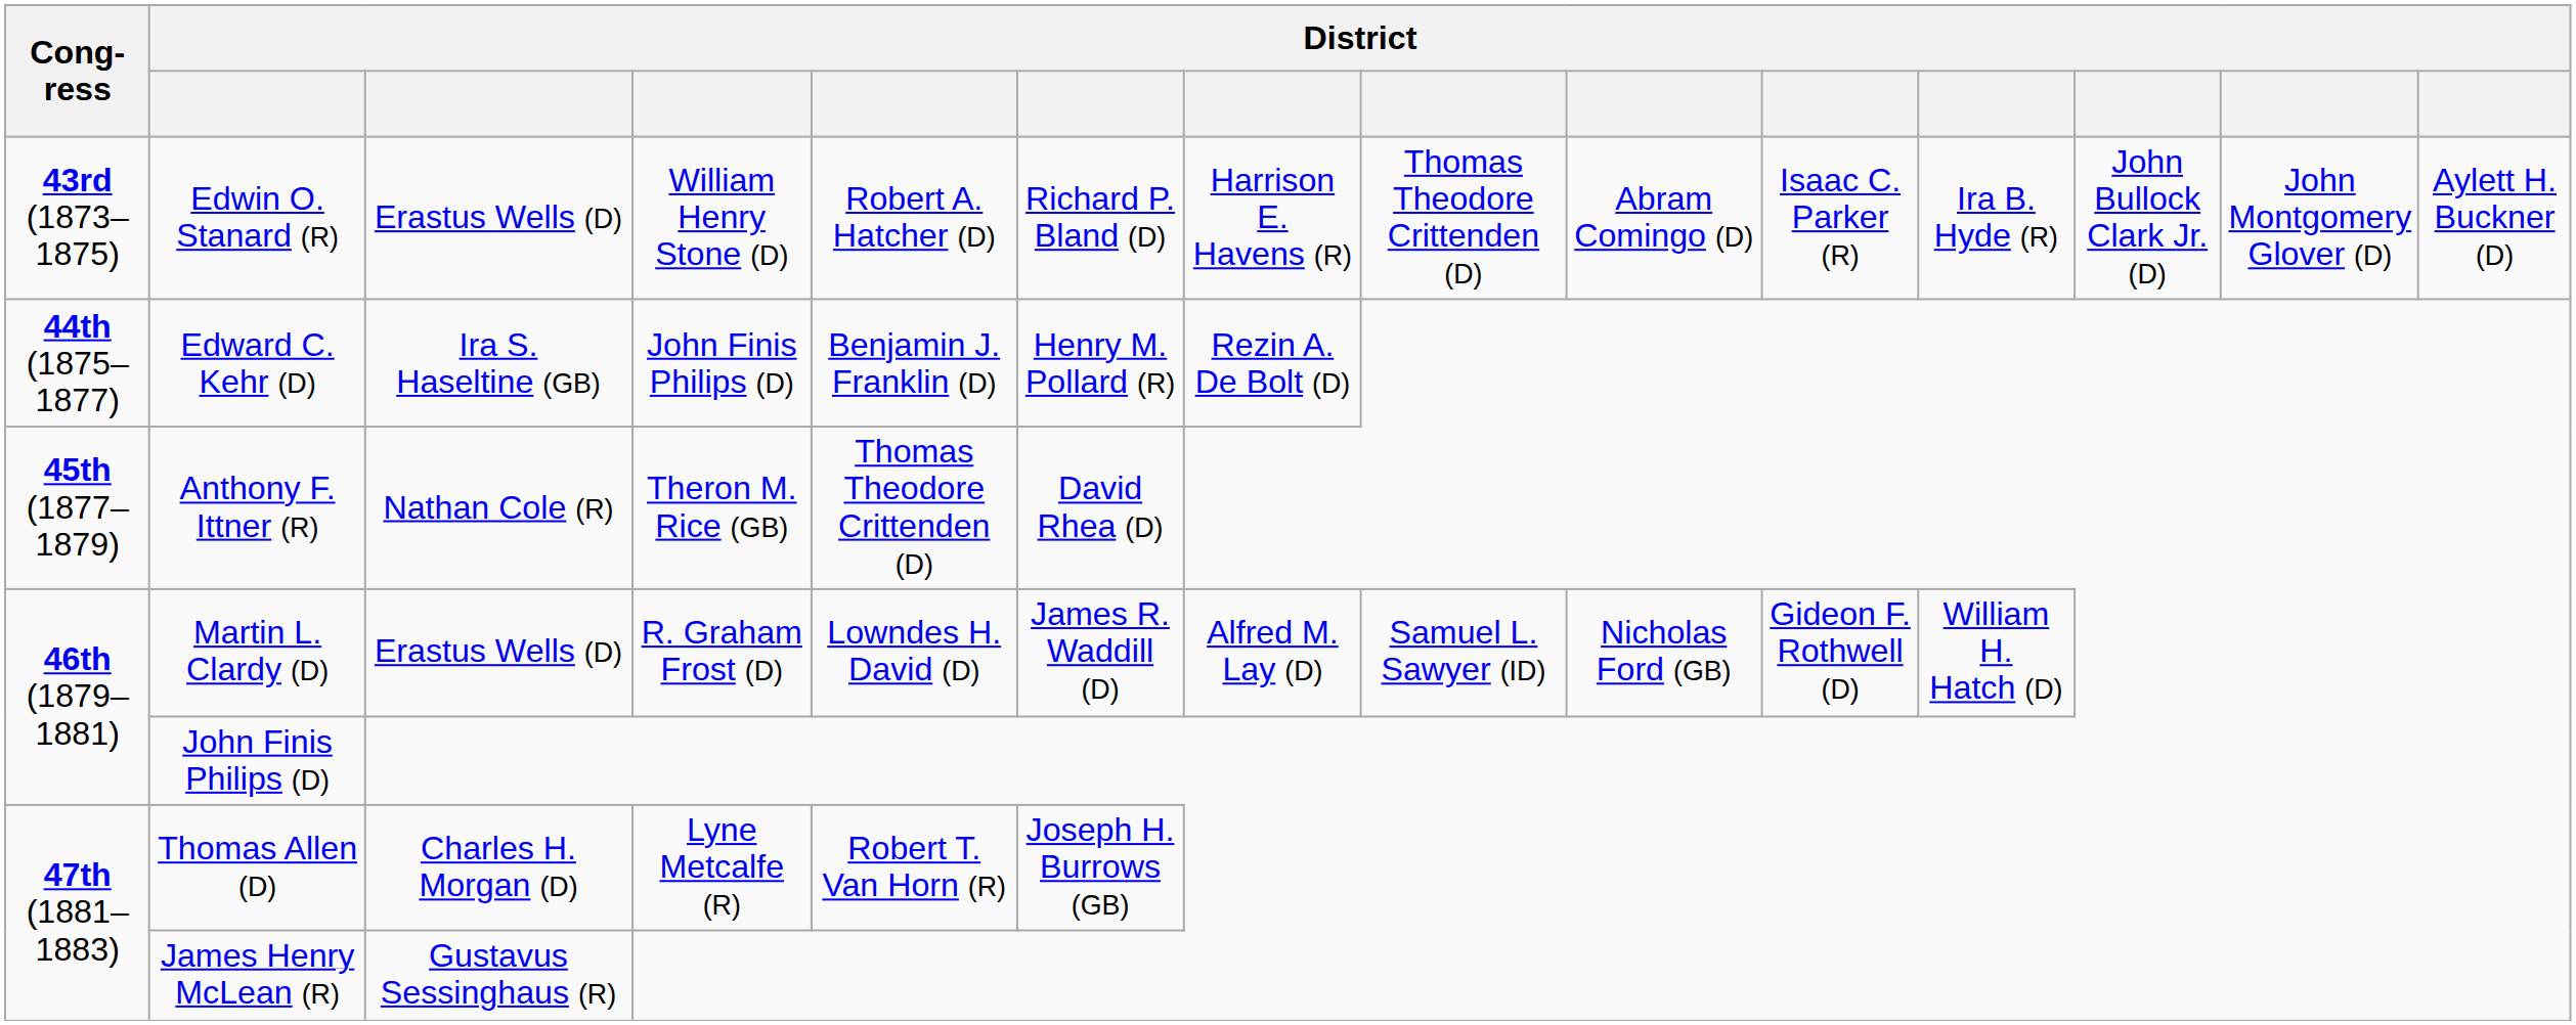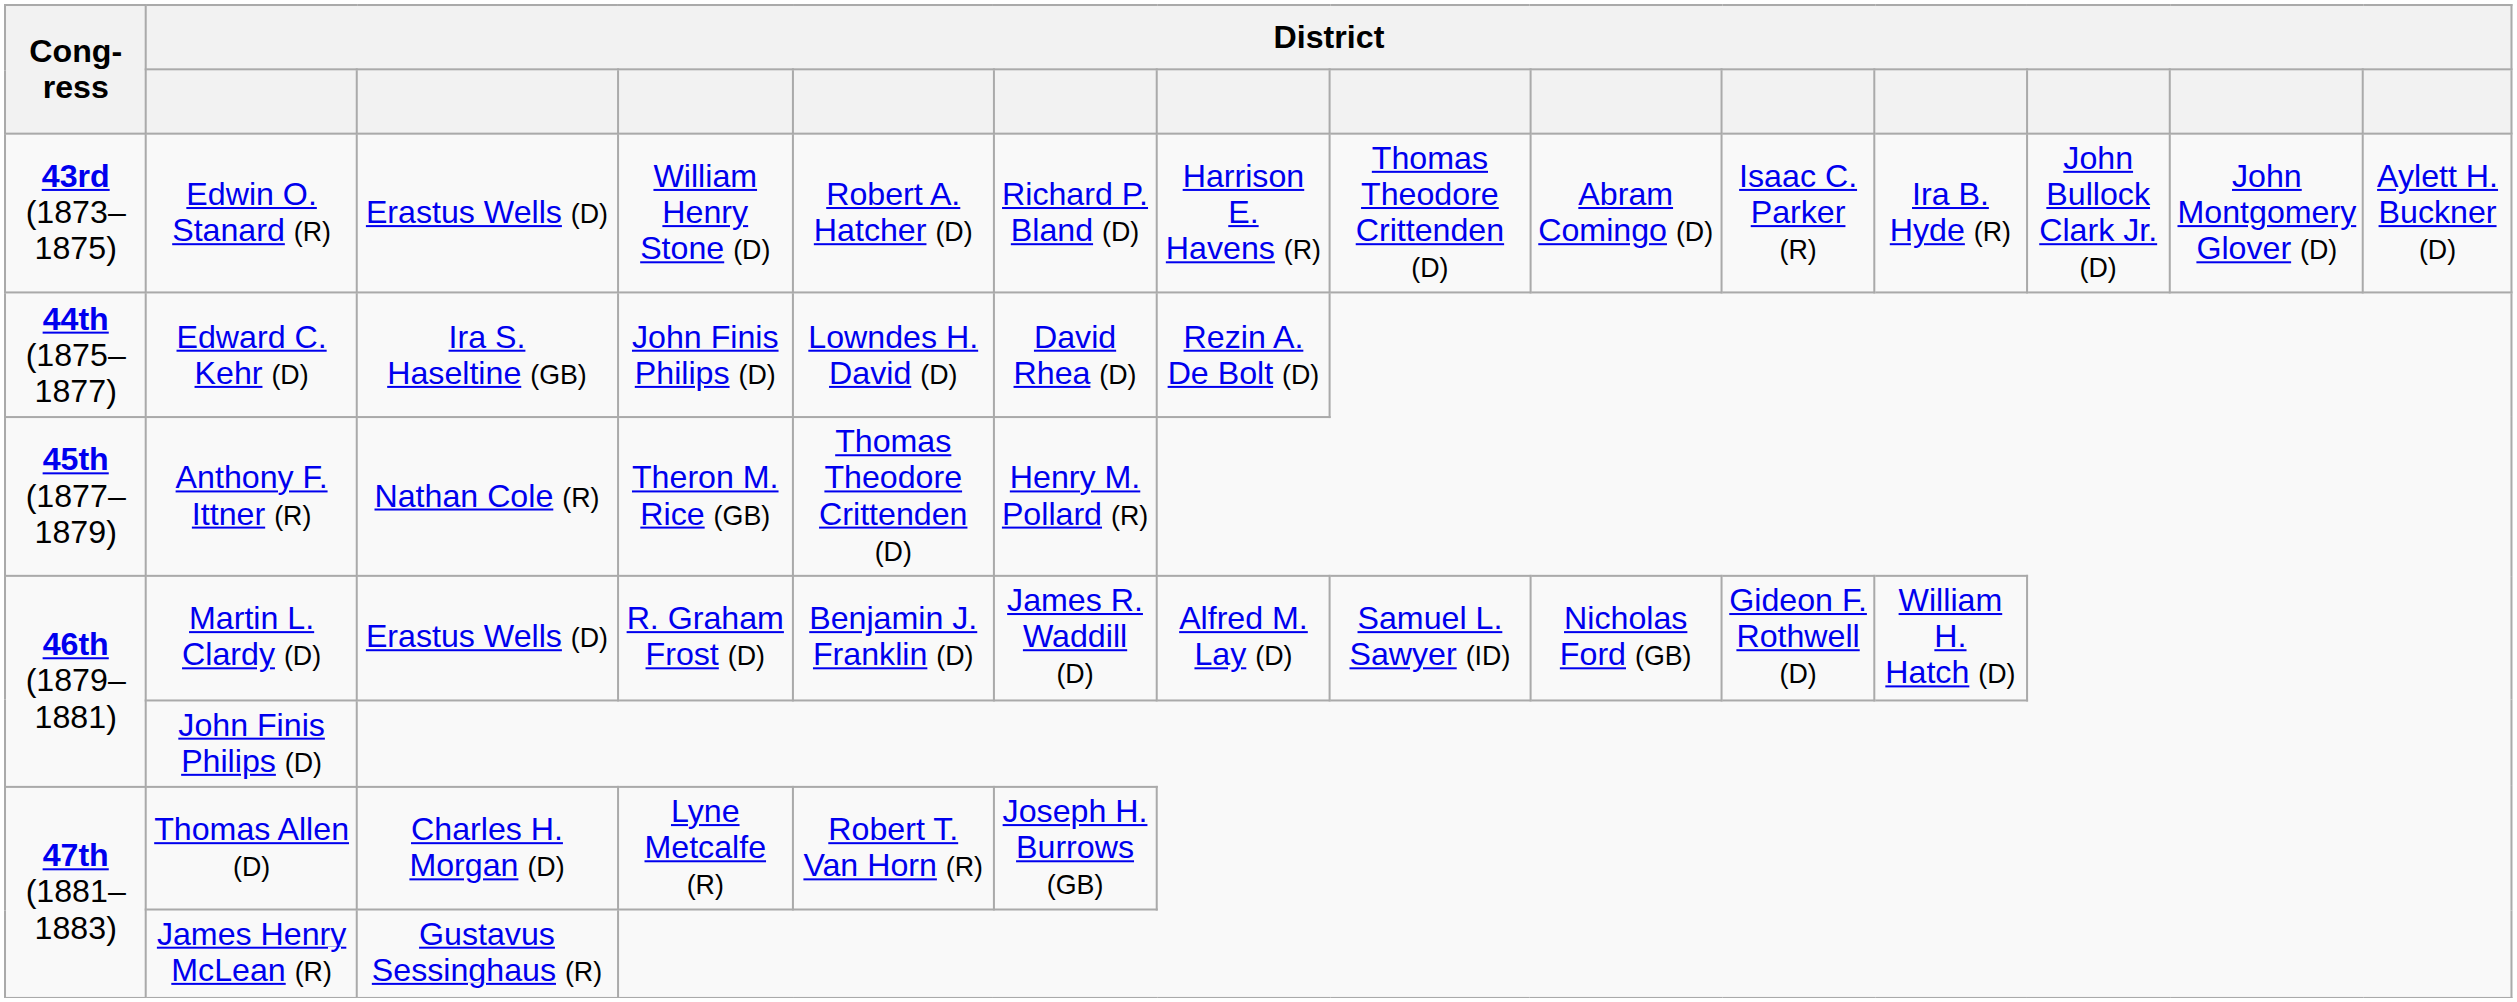 <table class=wikitable style="text-align:center">
 <tr style="height:2em">
 <th rowspan=2>Cong­ress</th>
 <th colspan=13>District</th>
 </tr>
 <tr style="height:2em">
 <th></th>
 <th></th>
 <th></th>
 <th></th>
 <th></th>
 <th></th>
 <th></th>
 <th></th>
 <th></th>
 <th></th>
 <th></th>
 <th></th>
 <th></th>
 </tr>
 <tr style="height:2em">
 <td><strong><a href='#'>43rd</a></strong><br>(1873–1875)</td>
 <td><a href='#'>Edwin O.<br>Stanard</a> <small>(R)</small></td>
 <td><a href='#'>Erastus Wells</a> <small>(D)</small></td>
 <td><a href='#'>William Henry<br>Stone</a> <small>(D)</small></td>
 <td><a href='#'>Robert A.<br>Hatcher</a> <small>(D)</small></td>
 <td><a href='#'>Richard P.<br>Bland</a> <small>(D)</small></td>
 <td><a href='#'>Harrison E.<br>Havens</a> <small>(R)</small></td>
 <td><a href='#'>Thomas Theodore<br>Crittenden</a> <small>(D)</small></td>
 <td><a href='#'>Abram Comingo</a> <small>(D)</small></td>
 <td><a href='#'>Isaac C.<br>Parker</a> <small>(R)</small></td>
 <td><a href='#'>Ira B. Hyde</a> <small>(R)</small></td>
 <td><a href='#'>John Bullock<br>Clark Jr.</a> <small>(D)</small></td>
 <td><a href='#'>John<br>Montgomery<br>Glover</a> <small>(D)</small></td>
 <td><a href='#'>Aylett H.<br>Buckner</a> <small>(D)</small></td>
 </tr>
 <tr style="height:2em">
 <td><strong><a href='#'>44th</a></strong><br>(1875–1877)</td>
 <td><a href='#'>Edward C.<br>Kehr</a> <small>(D)</small></td>
 <td><a href='#'>Ira S.<br>Haseltine</a> <small>(GB)</small></td>
 <td><a href='#'>John Finis<br>Philips</a> <small>(D)</small></td>
-<td><a href='#'>Benjamin J.<br>Franklin</a> <small>(D)</small></td>
-<td><a href='#'>Henry M.<br>Pollard</a> <small>(R)</small></td>
+<td><a href='#'>Lowndes H.<br>David</a> <small>(D)</small></td>
+<td><a href='#'>David Rhea</a> <small>(D)</small></td>
 <td><a href='#'>Rezin A.<br>De Bolt</a> <small>(D)</small></td>
 </tr>
 <tr style="height:2em">
 <td><strong><a href='#'>45th</a></strong><br>(1877–1879)</td>
 <td><a href='#'>Anthony F.<br>Ittner</a> <small>(R)</small></td>
 <td><a href='#'>Nathan Cole</a> <small>(R)</small></td>
 <td><a href='#'>Theron M.<br>Rice</a> <small>(GB)</small></td>
 <td><a href='#'>Thomas Theodore<br>Crittenden</a> <small>(D)</small></td>
-<td><a href='#'>David Rhea</a> <small>(D)</small></td>
+<td><a href='#'>Henry M.<br>Pollard</a> <small>(R)</small></td>
 </tr>
 <tr style="height:2em">
 <td rowspan=2><strong><a href='#'>46th</a></strong><br>(1879–1881)</td>
 <td><a href='#'>Martin L.<br>Clardy</a> <small>(D)</small></td>
 <td><a href='#'>Erastus Wells</a> <small>(D)</small></td>
 <td><a href='#'>R. Graham<br>Frost</a> <small>(D)</small></td>
-<td><a href='#'>Lowndes H.<br>David</a> <small>(D)</small></td>
+<td><a href='#'>Benjamin J.<br>Franklin</a> <small>(D)</small></td>
 <td><a href='#'>James R.<br>Waddill</a> <small>(D)</small></td>
 <td><a href='#'>Alfred M. Lay</a> <small>(D)</small></td>
 <td><a href='#'>Samuel L.<br>Sawyer</a> <small>(ID)</small></td>
 <td><a href='#'>Nicholas<br>Ford</a> <small>(GB)</small></td>
 <td><a href='#'>Gideon F.<br>Rothwell</a> <small>(D)</small></td>
 <td><a href='#'>William H.<br>Hatch</a> <small>(D)</small></td>
 </tr>
 <tr style="height:2em">
 <td><a href='#'>John Finis Philips</a> <small>(D)</small></td>
 </tr>
 <tr style="height:2em">
 <td rowspan=2><strong><a href='#'>47th</a></strong><br>(1881–1883)</td>
 <td><a href='#'>Thomas Allen</a> <small>(D)</small></td>
 <td><a href='#'>Charles H.<br>Morgan</a> <small>(D)</small></td>
 <td><a href='#'>Lyne Metcalfe</a> <small>(R)</small></td>
 <td><a href='#'>Robert T.<br>Van Horn</a> <small>(R)</small></td>
 <td><a href='#'>Joseph H.<br>Burrows</a> <small>(GB)</small></td>
 </tr>
 <tr style="height:2em">
 <td><a href='#'>James Henry McLean</a> <small>(R)</small></td>
 <td><a href='#'>Gustavus Sessinghaus</a> <small>(R)</small></td>
 </tr>
 </table>
